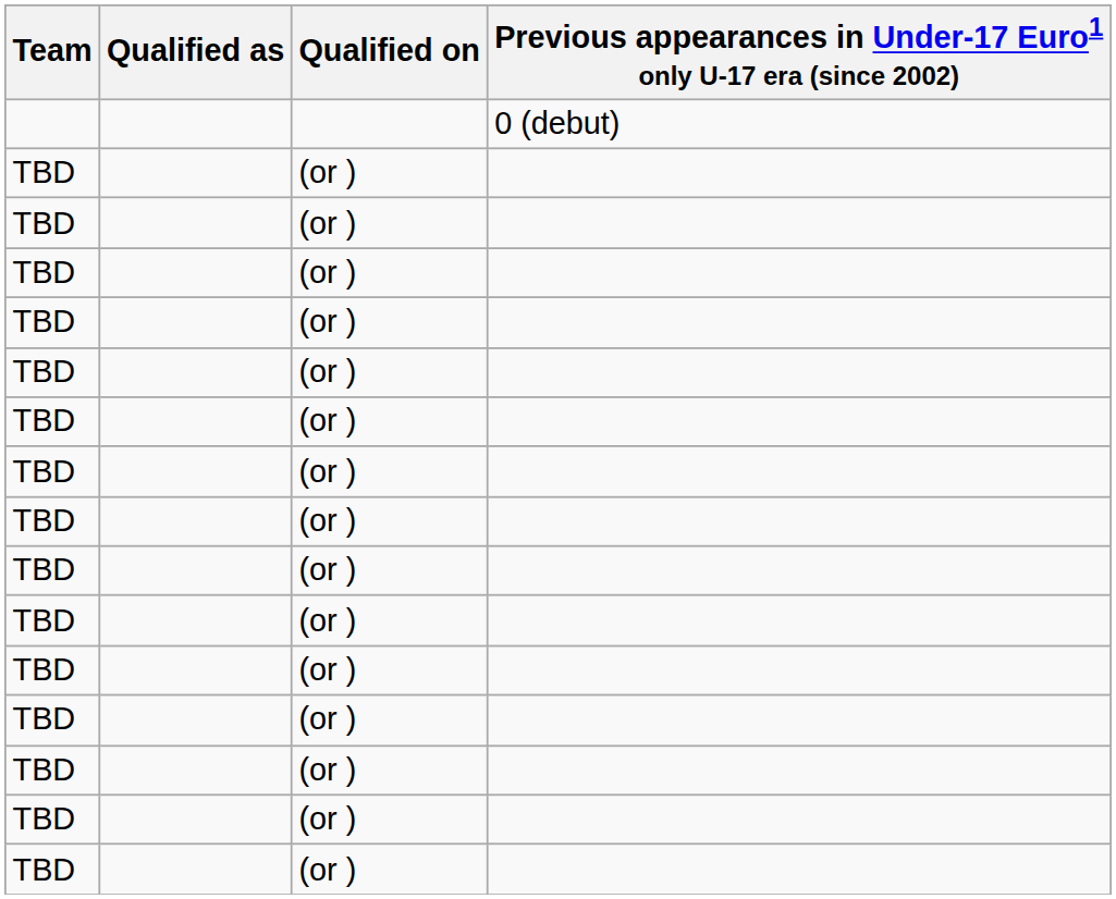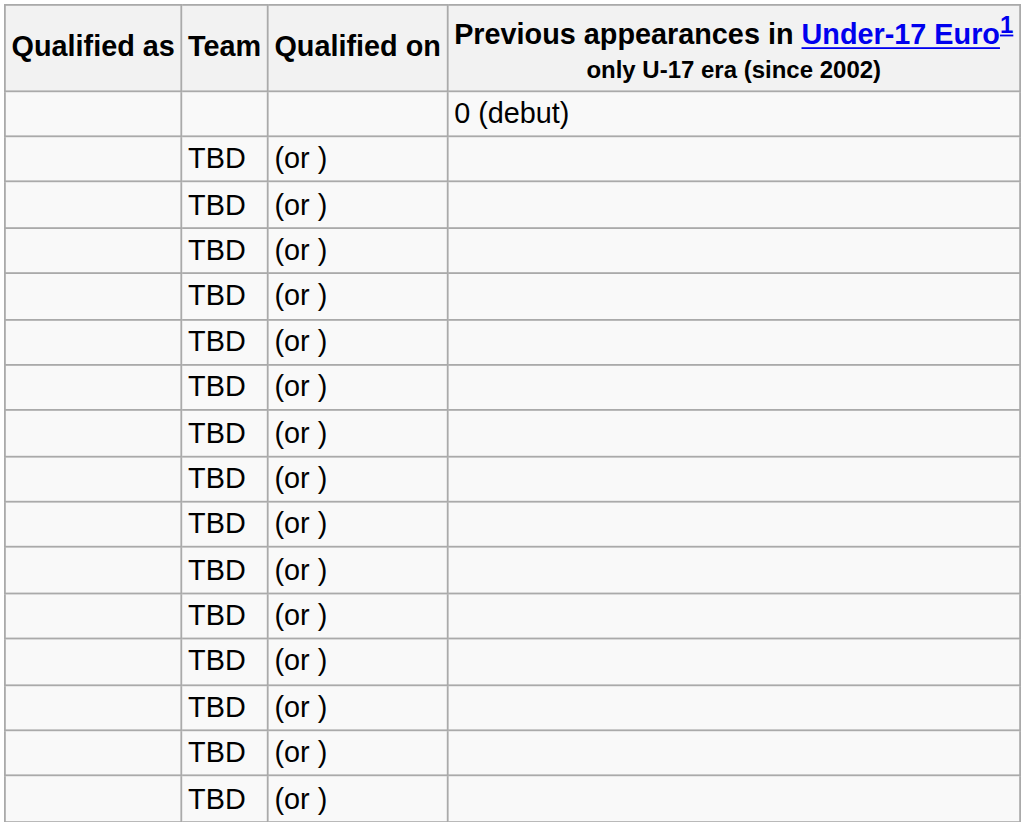 <table class="wikitable sortable">
 <tr>
+<th>Qualified as</th>
 <th>Team</th>
-<th>Qualified as</th>
 <th>Qualified on</th>
 <th data-sort-type="number">Previous appearances in <a href='#'>Under-17 Euro</a><sup><a href='#'>1</a></sup><br><small>only U-17 era (since 2002)</small></th>
 </tr>
 <tr>
 <td></td>
 <td></td>
 <td></td>
 <td>0 (debut)</td>
 </tr>
 <tr>
+<td></td>
 <td>TBD</td>
-<td></td>
 <td> (or )</td>
 <td></td>
 </tr>
 <tr>
+<td></td>
 <td>TBD</td>
-<td></td>
 <td> (or )</td>
 <td></td>
 </tr>
 <tr>
+<td></td>
 <td>TBD</td>
-<td></td>
 <td> (or )</td>
 <td></td>
 </tr>
 <tr>
+<td></td>
 <td>TBD</td>
-<td></td>
 <td> (or )</td>
 <td></td>
 </tr>
 <tr>
+<td></td>
 <td>TBD</td>
-<td></td>
 <td> (or )</td>
 <td></td>
 </tr>
 <tr>
+<td></td>
 <td>TBD</td>
-<td></td>
 <td> (or )</td>
 <td></td>
 </tr>
 <tr>
+<td></td>
 <td>TBD</td>
-<td></td>
 <td> (or )</td>
 <td></td>
 </tr>
 <tr>
+<td></td>
 <td>TBD</td>
-<td></td>
 <td> (or )</td>
 <td></td>
 </tr>
 <tr>
+<td></td>
 <td>TBD</td>
-<td></td>
 <td> (or )</td>
 <td></td>
 </tr>
 <tr>
+<td></td>
 <td>TBD</td>
-<td></td>
 <td> (or )</td>
 <td></td>
 </tr>
 <tr>
+<td></td>
 <td>TBD</td>
-<td></td>
 <td> (or )</td>
 <td></td>
 </tr>
 <tr>
+<td></td>
 <td>TBD</td>
-<td></td>
 <td> (or )</td>
 <td></td>
 </tr>
 <tr>
+<td></td>
 <td>TBD</td>
-<td></td>
 <td> (or )</td>
 <td></td>
 </tr>
 <tr>
+<td></td>
 <td>TBD</td>
-<td></td>
 <td> (or )</td>
 <td></td>
 </tr>
 <tr>
+<td></td>
 <td>TBD</td>
-<td></td>
 <td> (or )</td>
 <td></td>
 </tr>
 </table>
